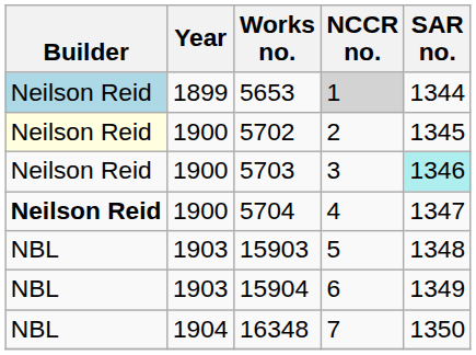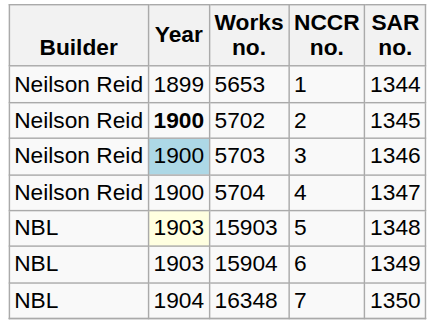 <table class="wikitable collapsible sortable collapsed" style="margin:0.5em auto; font-size:100%;">
 <tr>
 <th><br>Builder</th>
 <th>Year<br></th>
 <th>Works<br>no.</th>
 <th>NCCR<br>no.</th>
 <th>SAR<br>no.</th>
 </tr>
 <tr>
-<td style="background: lightblue;">Neilson Reid</td>
+<td>Neilson Reid</td>
 <td>1899</td>
 <td>5653</td>
-<td style="background: lightgrey;">1</td>
+<td>1</td>
 <td>1344</td>
 </tr>
 <tr>
-<td style="background: lightyellow;">Neilson Reid</td>
-<td>1900</td>
+<td>Neilson Reid</td>
+<td><strong>1900</strong></td>
 <td>5702</td>
 <td>2</td>
 <td>1345</td>
 </tr>
 <tr>
 <td>Neilson Reid</td>
-<td>1900</td>
+<td style="background: lightblue;">1900</td>
 <td>5703</td>
 <td>3</td>
-<td style="background: paleturquoise;">1346</td>
+<td>1346</td>
 </tr>
 <tr>
-<td><strong>Neilson Reid</strong></td>
+<td>Neilson Reid</td>
 <td>1900</td>
 <td>5704</td>
 <td>4</td>
 <td>1347</td>
 </tr>
 <tr>
 <td>NBL</td>
-<td>1903</td>
+<td style="background: lightyellow;">1903</td>
 <td>15903</td>
 <td>5</td>
 <td>1348</td>
 </tr>
 <tr>
 <td>NBL</td>
 <td>1903</td>
 <td>15904</td>
 <td>6</td>
 <td>1349</td>
 </tr>
 <tr>
 <td>NBL</td>
 <td>1904</td>
 <td>16348</td>
 <td>7</td>
 <td>1350</td>
 </tr>
 <tr>
 </tr>
 </table>
